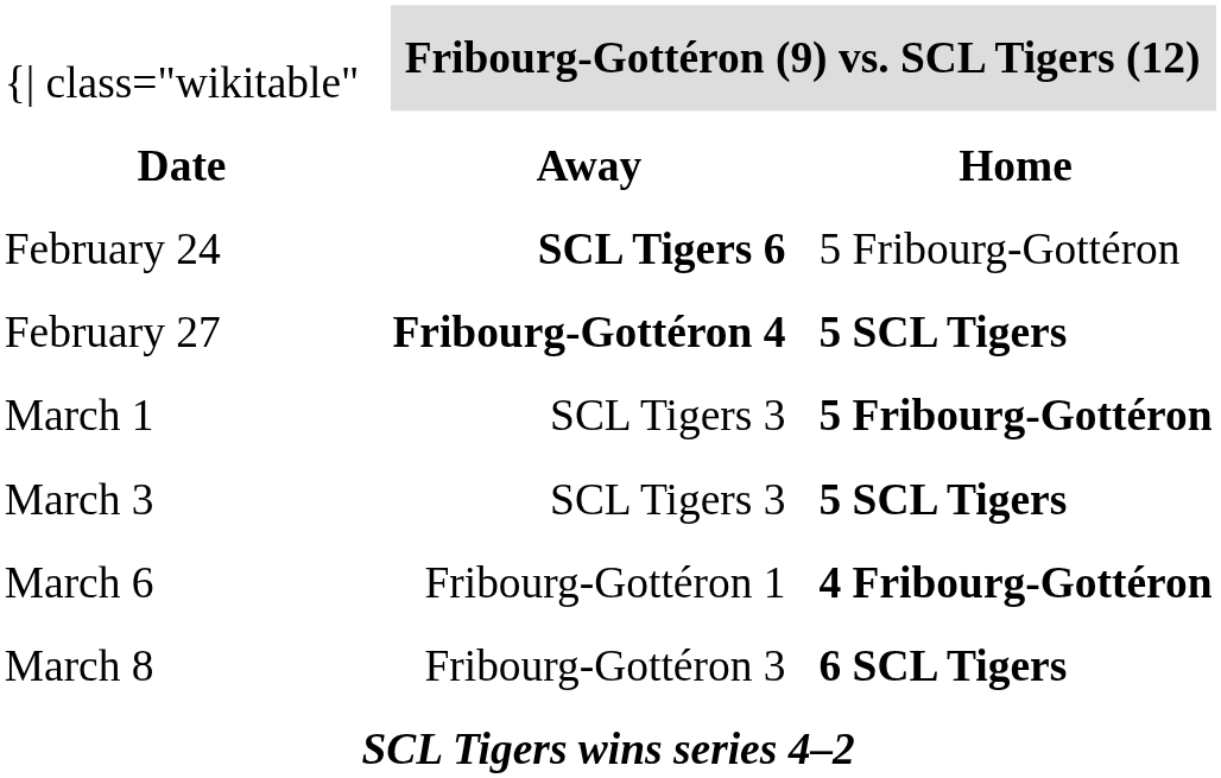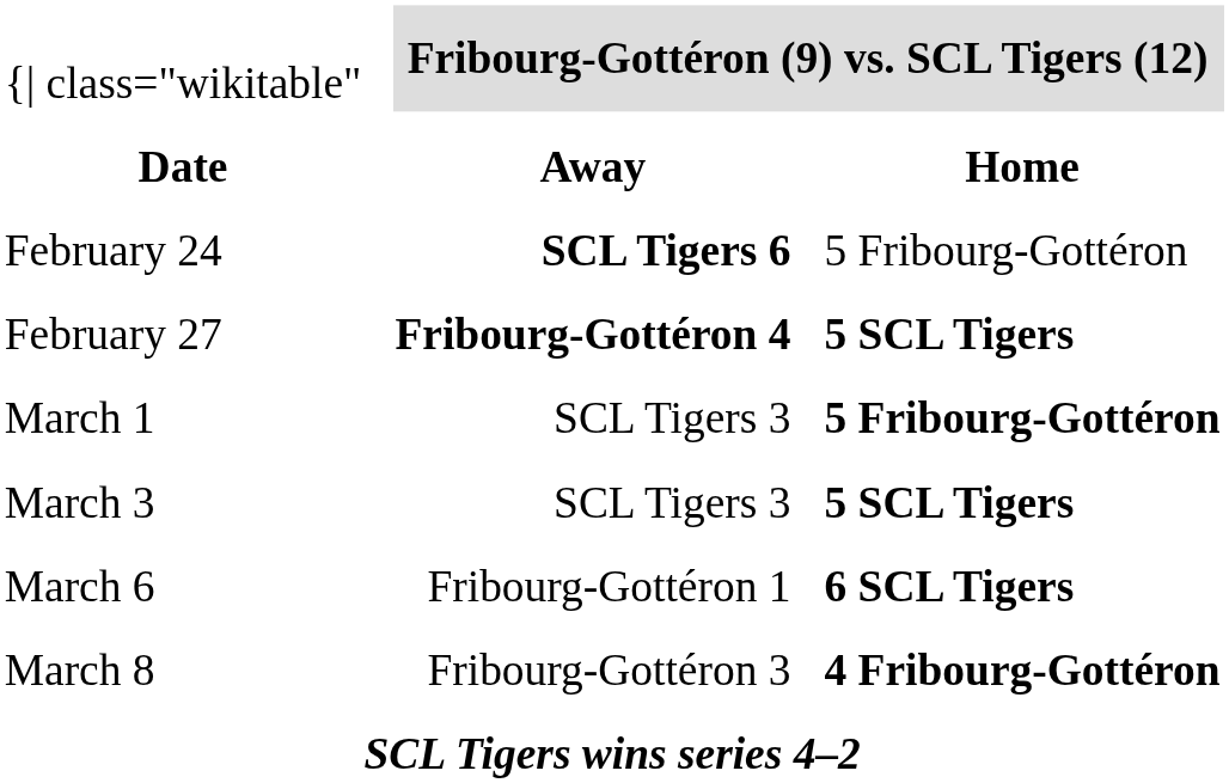 <table cellspacing="10">
 <tr>
 <td valign="top"><br>	{| class="wikitable"</td>
 <th bgcolor="#DDDDDD" colspan="4">Fribourg-Gottéron (9) vs. SCL Tigers (12)</th>
 </tr>
 <tr>
 <th>Date</th>
 <th>Away</th>
 <th>Home</th>
 </tr>
 <tr>
 <td>February 24</td>
 <td align = "right"><strong>SCL Tigers 6</strong></td>
 <td>5 Fribourg-Gottéron</td>
 </tr>
 <tr>
 <td>February 27</td>
 <td align = "right"><strong>Fribourg-Gottéron 4</strong></td>
 <td><strong>5 SCL Tigers</strong></td>
 </tr>
 <tr>
 <td>March 1</td>
 <td align = "right">SCL Tigers 3</td>
 <td><strong>5 Fribourg-Gottéron</strong></td>
 </tr>
 <tr>
 <td>March 3</td>
 <td align = "right">SCL Tigers 3</td>
 <td><strong>5 SCL Tigers</strong></td>
 </tr>
 <tr>
 <td>March 6</td>
 <td align = "right">Fribourg-Gottéron 1</td>
-<td><strong>4 Fribourg-Gottéron</strong></td>
+<td><strong>6 SCL Tigers</strong></td>
 </tr>
 <tr>
 <td>March 8</td>
 <td align = "right">Fribourg-Gottéron 3</td>
-<td><strong>6 SCL Tigers</strong></td>
+<td><strong>4 Fribourg-Gottéron</strong></td>
 </tr>
 <tr align="center">
 <td colspan="4"><strong><em>SCL Tigers wins series 4–2</em></strong></td>
 </tr>
 </table>
